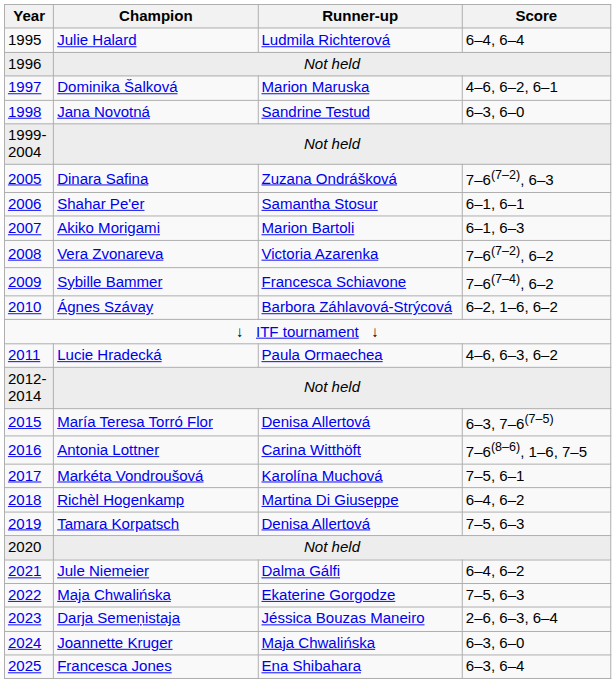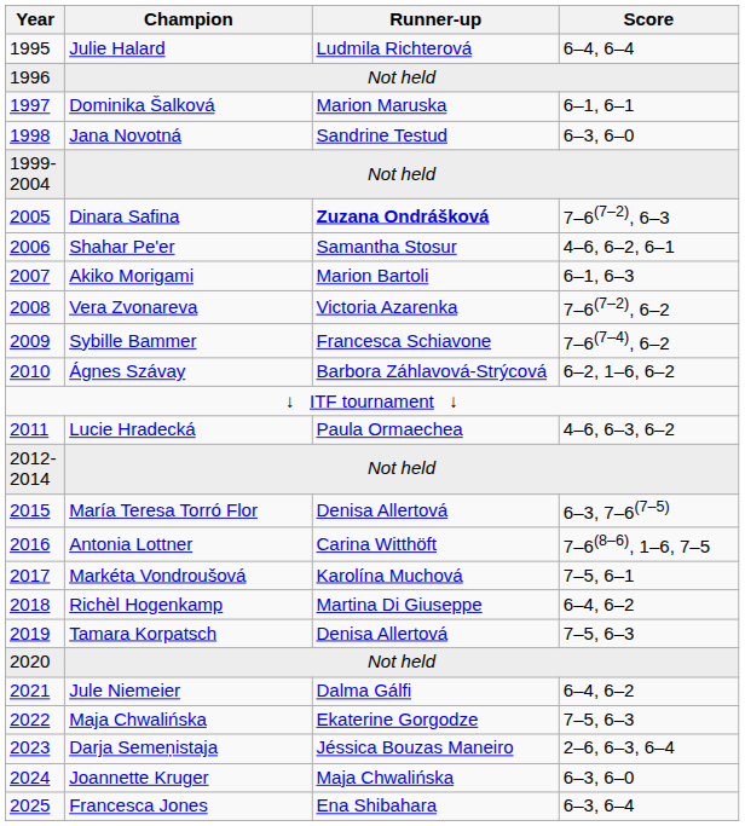 <table class="wikitable">
 <tr>
 <th style="width:45px">Year</th>
 <th style="width:210px">Champion</th>
 <th style="width:210px">Runner-up</th>
 <th style="width:150px">Score</th>
 </tr>
 <tr>
 <td 1995 Czech Open – Singles>1995</td>
 <td> <a href='#'>Julie Halard</a></td>
 <td> <a href='#'>Ludmila Richterová</a></td>
 <td>6–4, 6–4</td>
 </tr>
 <tr>
 <td style="background:#ededed">1996</td>
 <td colspan=3 align=center style="background:#ededed"><em>Not held</em></td>
 </tr>
 <tr>
 <td><a href='#'>1997</a></td>
 <td> <a href='#'>Dominika Šalková</a></td>
 <td> <a href='#'>Marion Maruska</a></td>
-<td>4–6, 6–2, 6–1</td>
+<td>6–1, 6–1</td>
 </tr>
 <tr>
 <td><a href='#'>1998</a></td>
 <td> <a href='#'>Jana Novotná</a></td>
 <td> <a href='#'>Sandrine Testud</a></td>
 <td>6–3, 6–0</td>
 </tr>
 <tr>
 <td style="background:#ededed">1999- 2004</td>
 <td colspan=3 align=center style="background:#ededed"><em>Not held</em></td>
 </tr>
 <tr>
 <td><a href='#'>2005</a></td>
 <td> <a href='#'>Dinara Safina</a></td>
-<td> <a href='#'>Zuzana Ondrášková</a></td>
+<td><strong> <a href='#'>Zuzana Ondrášková</a></strong></td>
 <td>7–6<sup>(7–2)</sup>, 6–3</td>
 </tr>
 <tr>
 <td><a href='#'>2006</a></td>
 <td> <a href='#'>Shahar Pe'er</a></td>
 <td> <a href='#'>Samantha Stosur</a></td>
-<td>6–1, 6–1</td>
+<td>4–6, 6–2, 6–1</td>
 </tr>
 <tr>
 <td><a href='#'>2007</a></td>
 <td> <a href='#'>Akiko Morigami</a></td>
 <td> <a href='#'>Marion Bartoli</a></td>
 <td>6–1, 6–3</td>
 </tr>
 <tr>
 <td><a href='#'>2008</a></td>
 <td> <a href='#'>Vera Zvonareva</a></td>
 <td> <a href='#'>Victoria Azarenka</a></td>
 <td>7–6<sup>(7–2)</sup>, 6–2</td>
 </tr>
 <tr>
 <td><a href='#'>2009</a></td>
 <td> <a href='#'>Sybille Bammer</a></td>
 <td> <a href='#'>Francesca Schiavone</a></td>
 <td>7–6<sup>(7–4)</sup>, 6–2</td>
 </tr>
 <tr>
 <td><a href='#'>2010</a></td>
 <td> <a href='#'>Ágnes Szávay</a></td>
 <td> <a href='#'>Barbora Záhlavová-Strýcová</a></td>
 <td>6–2, 1–6, 6–2</td>
 </tr>
 <tr>
 <td colspan="5" align="center">↓   <a href='#'>ITF tournament</a>   ↓</td>
 </tr>
 <tr>
 <td><a href='#'>2011</a></td>
 <td> <a href='#'>Lucie Hradecká</a></td>
 <td> <a href='#'>Paula Ormaechea</a></td>
 <td>4–6, 6–3, 6–2</td>
 </tr>
 <tr>
 <td style="background:#ededed">2012- 2014</td>
 <td colspan=3 align=center style="background:#ededed"><em>Not held</em></td>
 </tr>
 <tr>
 <td><a href='#'>2015</a></td>
 <td> <a href='#'>María Teresa Torró Flor</a></td>
 <td> <a href='#'>Denisa Allertová</a></td>
 <td>6–3, 7–6<sup>(7–5)</sup></td>
 </tr>
 <tr>
 <td><a href='#'>2016</a></td>
 <td> <a href='#'>Antonia Lottner</a></td>
 <td> <a href='#'>Carina Witthöft</a></td>
 <td>7–6<sup>(8–6)</sup>, 1–6, 7–5</td>
 </tr>
 <tr>
 <td><a href='#'>2017</a></td>
 <td> <a href='#'>Markéta Vondroušová</a></td>
 <td> <a href='#'>Karolína Muchová</a></td>
 <td>7–5, 6–1</td>
 </tr>
 <tr>
 <td><a href='#'>2018</a></td>
 <td> <a href='#'>Richèl Hogenkamp</a></td>
 <td> <a href='#'>Martina Di Giuseppe</a></td>
 <td>6–4, 6–2</td>
 </tr>
 <tr>
 <td><a href='#'>2019</a></td>
 <td> <a href='#'>Tamara Korpatsch</a></td>
 <td> <a href='#'>Denisa Allertová</a></td>
 <td>7–5, 6–3</td>
 </tr>
 <tr>
 <td style="background:#ededed">2020</td>
 <td colspan=3 align=center style="background:#ededed"><em>Not held</em></td>
 </tr>
 <tr>
 <td><a href='#'>2021</a></td>
 <td> <a href='#'>Jule Niemeier</a></td>
 <td> <a href='#'>Dalma Gálfi</a></td>
 <td>6–4, 6–2</td>
 </tr>
 <tr>
 <td><a href='#'>2022</a></td>
 <td> <a href='#'>Maja Chwalińska</a></td>
 <td> <a href='#'>Ekaterine Gorgodze</a></td>
 <td>7–5, 6–3</td>
 </tr>
 <tr>
 <td><a href='#'>2023</a></td>
 <td> <a href='#'>Darja Semeņistaja</a></td>
 <td> <a href='#'>Jéssica Bouzas Maneiro</a></td>
 <td>2–6, 6–3, 6–4</td>
 </tr>
 <tr>
 <td><a href='#'>2024</a></td>
 <td> <a href='#'>Joannette Kruger</a></td>
 <td> <a href='#'>Maja Chwalińska</a></td>
 <td>6–3, 6–0</td>
 </tr>
 <tr>
 <td><a href='#'>2025</a></td>
 <td> <a href='#'>Francesca Jones</a></td>
 <td> <a href='#'>Ena Shibahara</a></td>
 <td>6–3, 6–4</td>
 </tr>
 </table>
